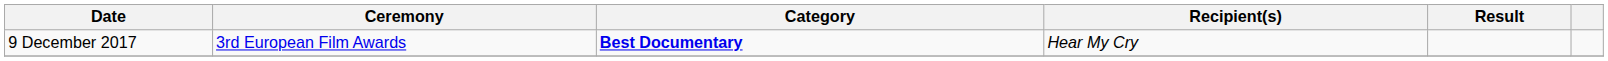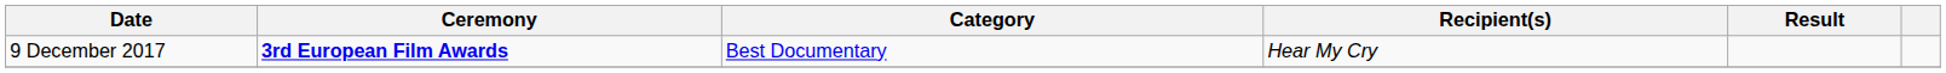 <table class="wikitable sortable plainrowheaders" style="width:100%;">
 <tr>
 <th scope="col" width="13%">Date</th>
 <th scope="col" width="24%">Ceremony</th>
 <th scope="col" width="28%">Category</th>
 <th scope="col" width="24%">Recipient(s)</th>
 <th scope="col" width="9%">Result</th>
 <th scope="col" width="3%" class="unsortable"></th>
 </tr>
 <tr>
 <td>9 December 2017</td>
-<td><a href='#'>3rd European Film Awards</a></td>
-<td><strong><a href='#'>Best Documentary</a></strong></td>
+<td><strong><a href='#'>3rd European Film Awards</a></strong></td>
+<td><a href='#'>Best Documentary</a></td>
 <td><em>Hear My Cry</em></td>
 <td></td>
 <td></td>
 </tr>
 <tr>
 </tr>
 </table>
